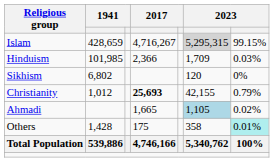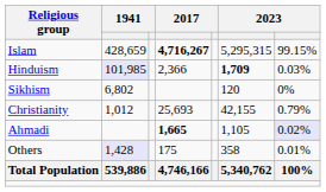 <table class="wikitable sortable">
 <tr>
 <th rowspan="2"><a href='#'>Religious</a><br>group</th>
 <th colspan="2">1941</th>
 <th colspan="2">2017</th>
 <th colspan="2">2023</th>
 </tr>
 <tr>
 <th><a href='#'></a></th>
 <th></th>
 <th></th>
 <th></th>
 <th></th>
 <th></th>
 </tr>
 <tr>
 <td><a href='#'>Islam</a> </td>
 <td>428,659</td>
 <td></td>
-<td>4,716,267</td>
+<td><strong>4,716,267</strong></td>
 <td></td>
-<td style="background: lightgrey;">5,295,315</td>
+<td>5,295,315</td>
 <td>99.15%</td>
 </tr>
 <tr>
 <td><a href='#'>Hinduism</a> </td>
-<td>101,985</td>
+<td style="background: lavender;">101,985</td>
 <td></td>
 <td>2,366</td>
 <td></td>
-<td>1,709</td>
+<td><strong>1,709</strong></td>
 <td>0.03%</td>
 </tr>
 <tr>
 <td><a href='#'>Sikhism</a> </td>
 <td>6,802</td>
 <td></td>
 <td></td>
 <td></td>
 <td>120</td>
 <td>0%</td>
 </tr>
 <tr>
 <td><a href='#'>Christianity</a> </td>
 <td>1,012</td>
 <td></td>
-<td><strong>25,693</strong></td>
+<td>25,693</td>
 <td></td>
 <td>42,155</td>
 <td>0.79%</td>
 </tr>
 <tr>
 <td><a href='#'>Ahmadi</a></td>
 <td></td>
 <td></td>
-<td>1,665</td>
+<td><strong>1,665</strong></td>
 <td></td>
-<td style="background: lightblue;">1,105</td>
-<td>0.02%</td>
+<td>1,105</td>
+<td style="background: lavender;">0.02%</td>
 </tr>
 <tr>
 <td>Others</td>
-<td>1,428</td>
+<td style="background: lavender;">1,428</td>
 <td></td>
 <td>175</td>
 <td></td>
 <td>358</td>
-<td style="background: paleturquoise;">0.01%</td>
+<td>0.01%</td>
 </tr>
 <tr>
 <th>Total Population</th>
 <th>539,886</th>
 <th></th>
 <th>4,746,166</th>
 <th></th>
 <th>5,340,762</th>
 <th>100%</th>
 </tr>
 <tr class="sortbottom">
 <td colspan="7"></td>
 </tr>
 </table>
